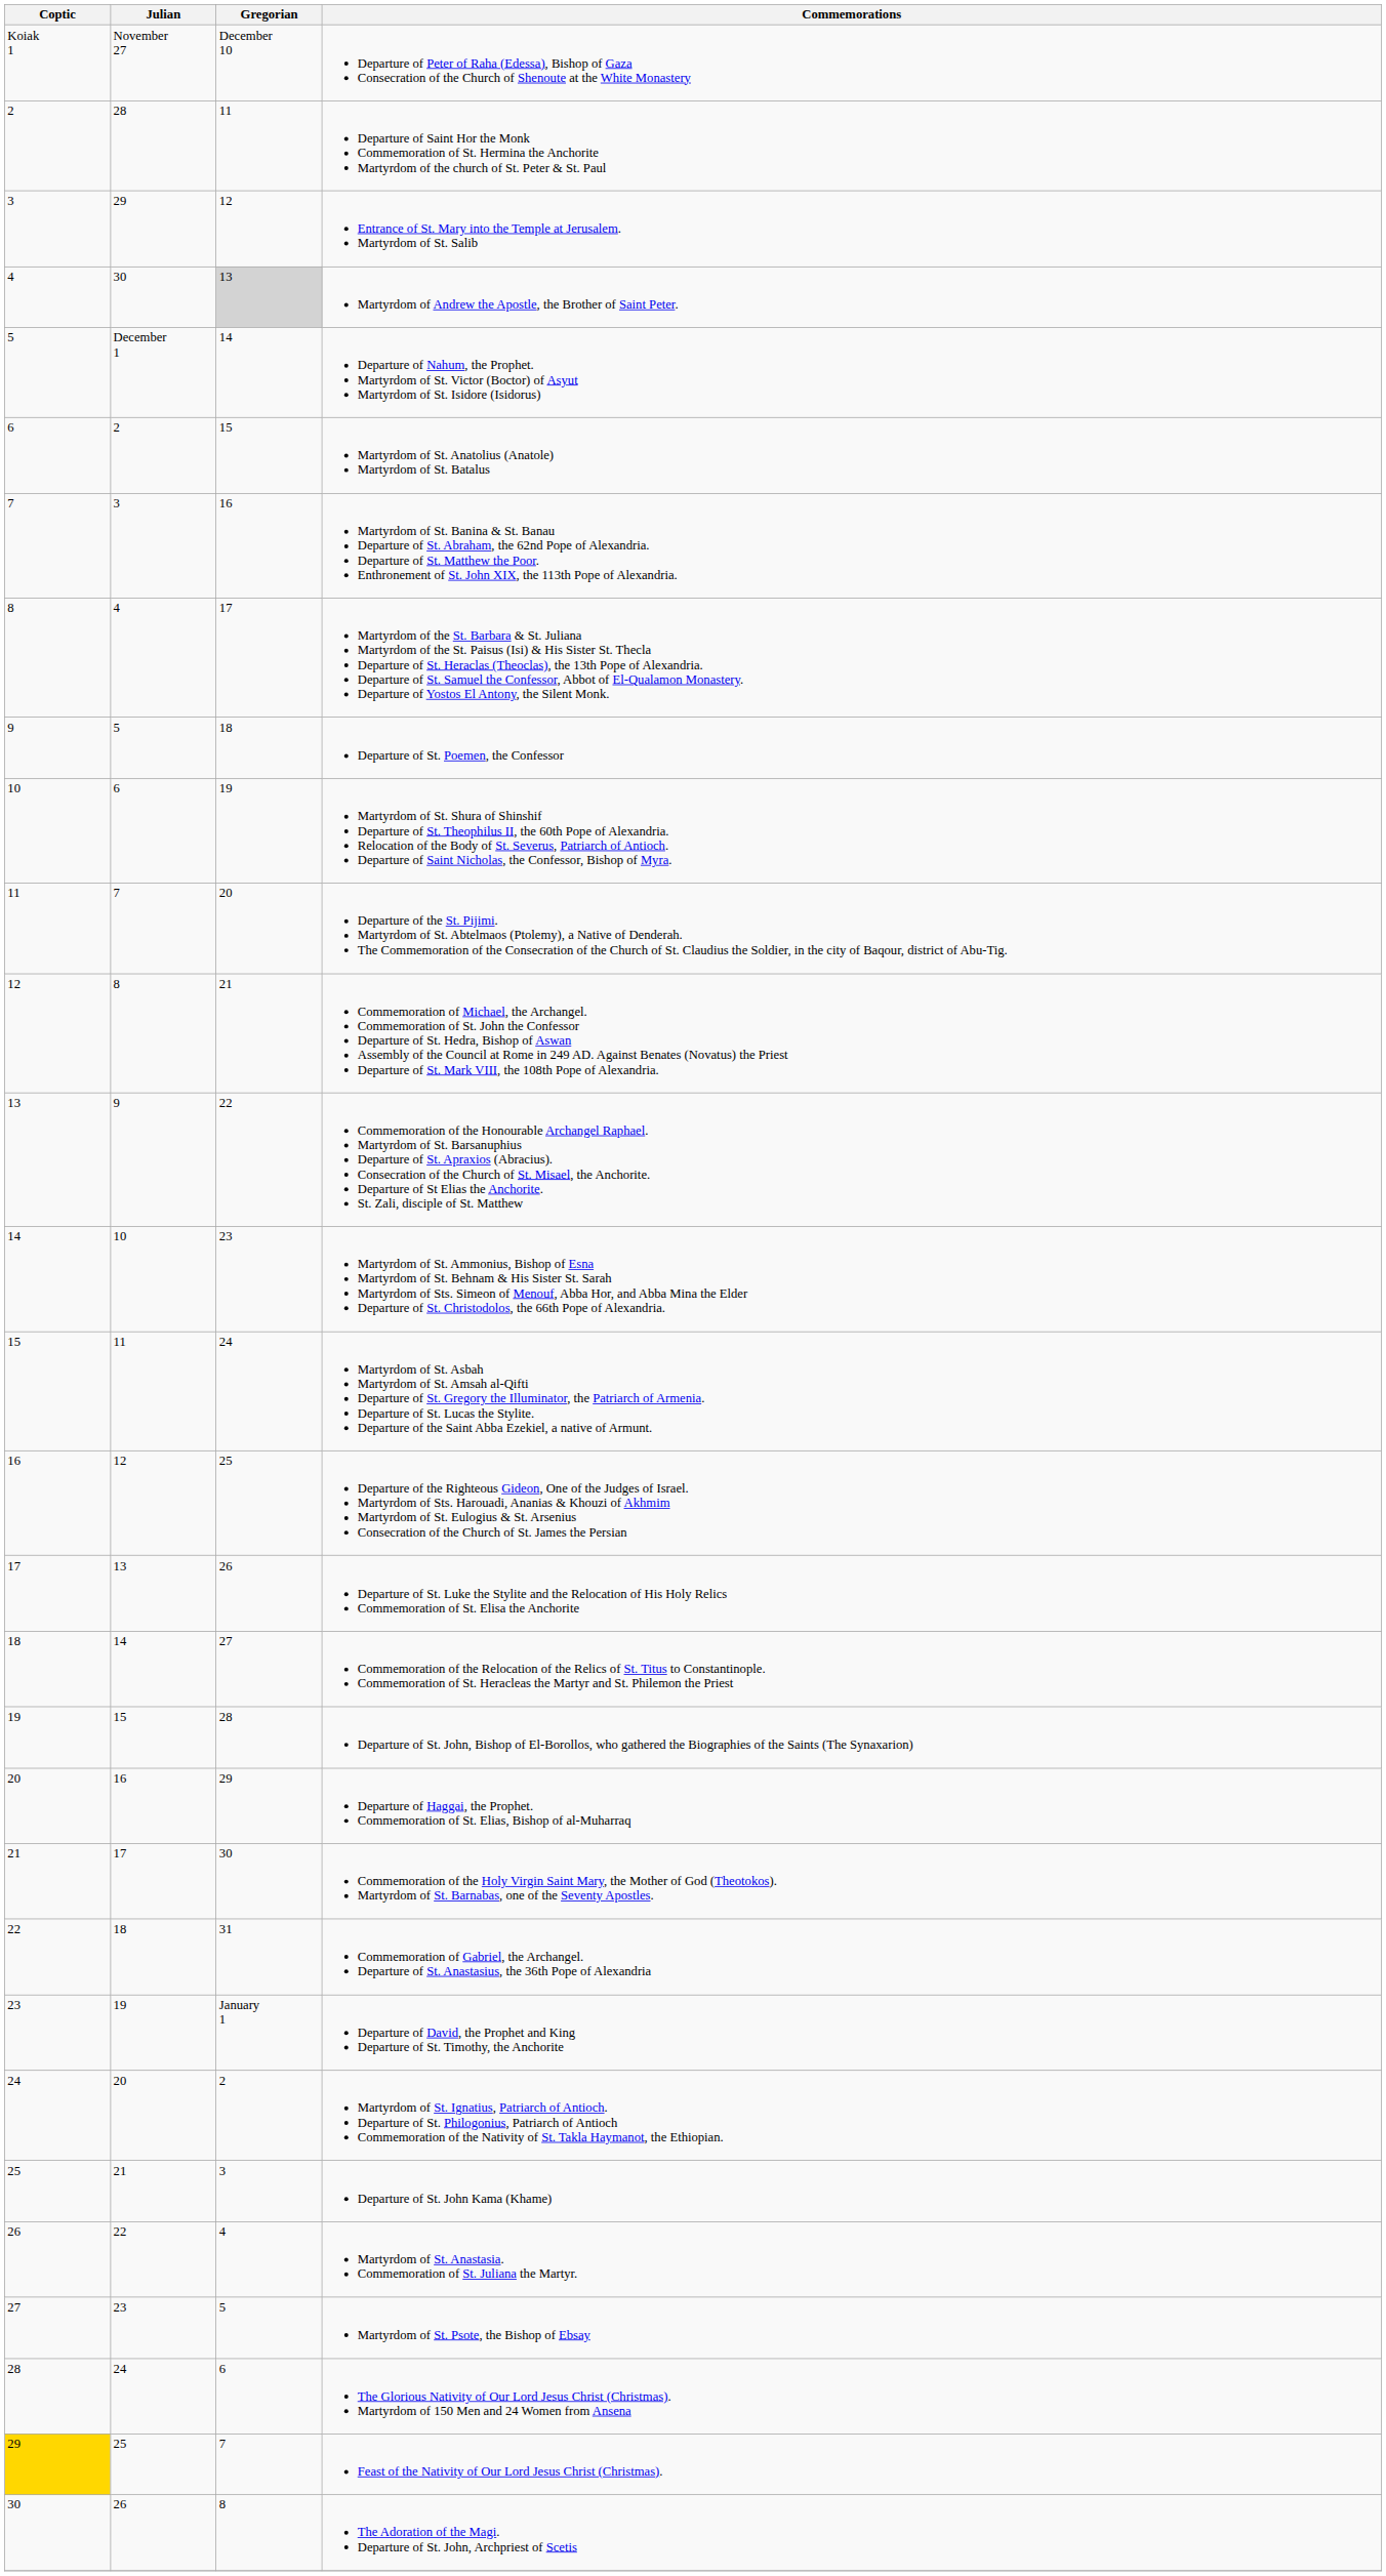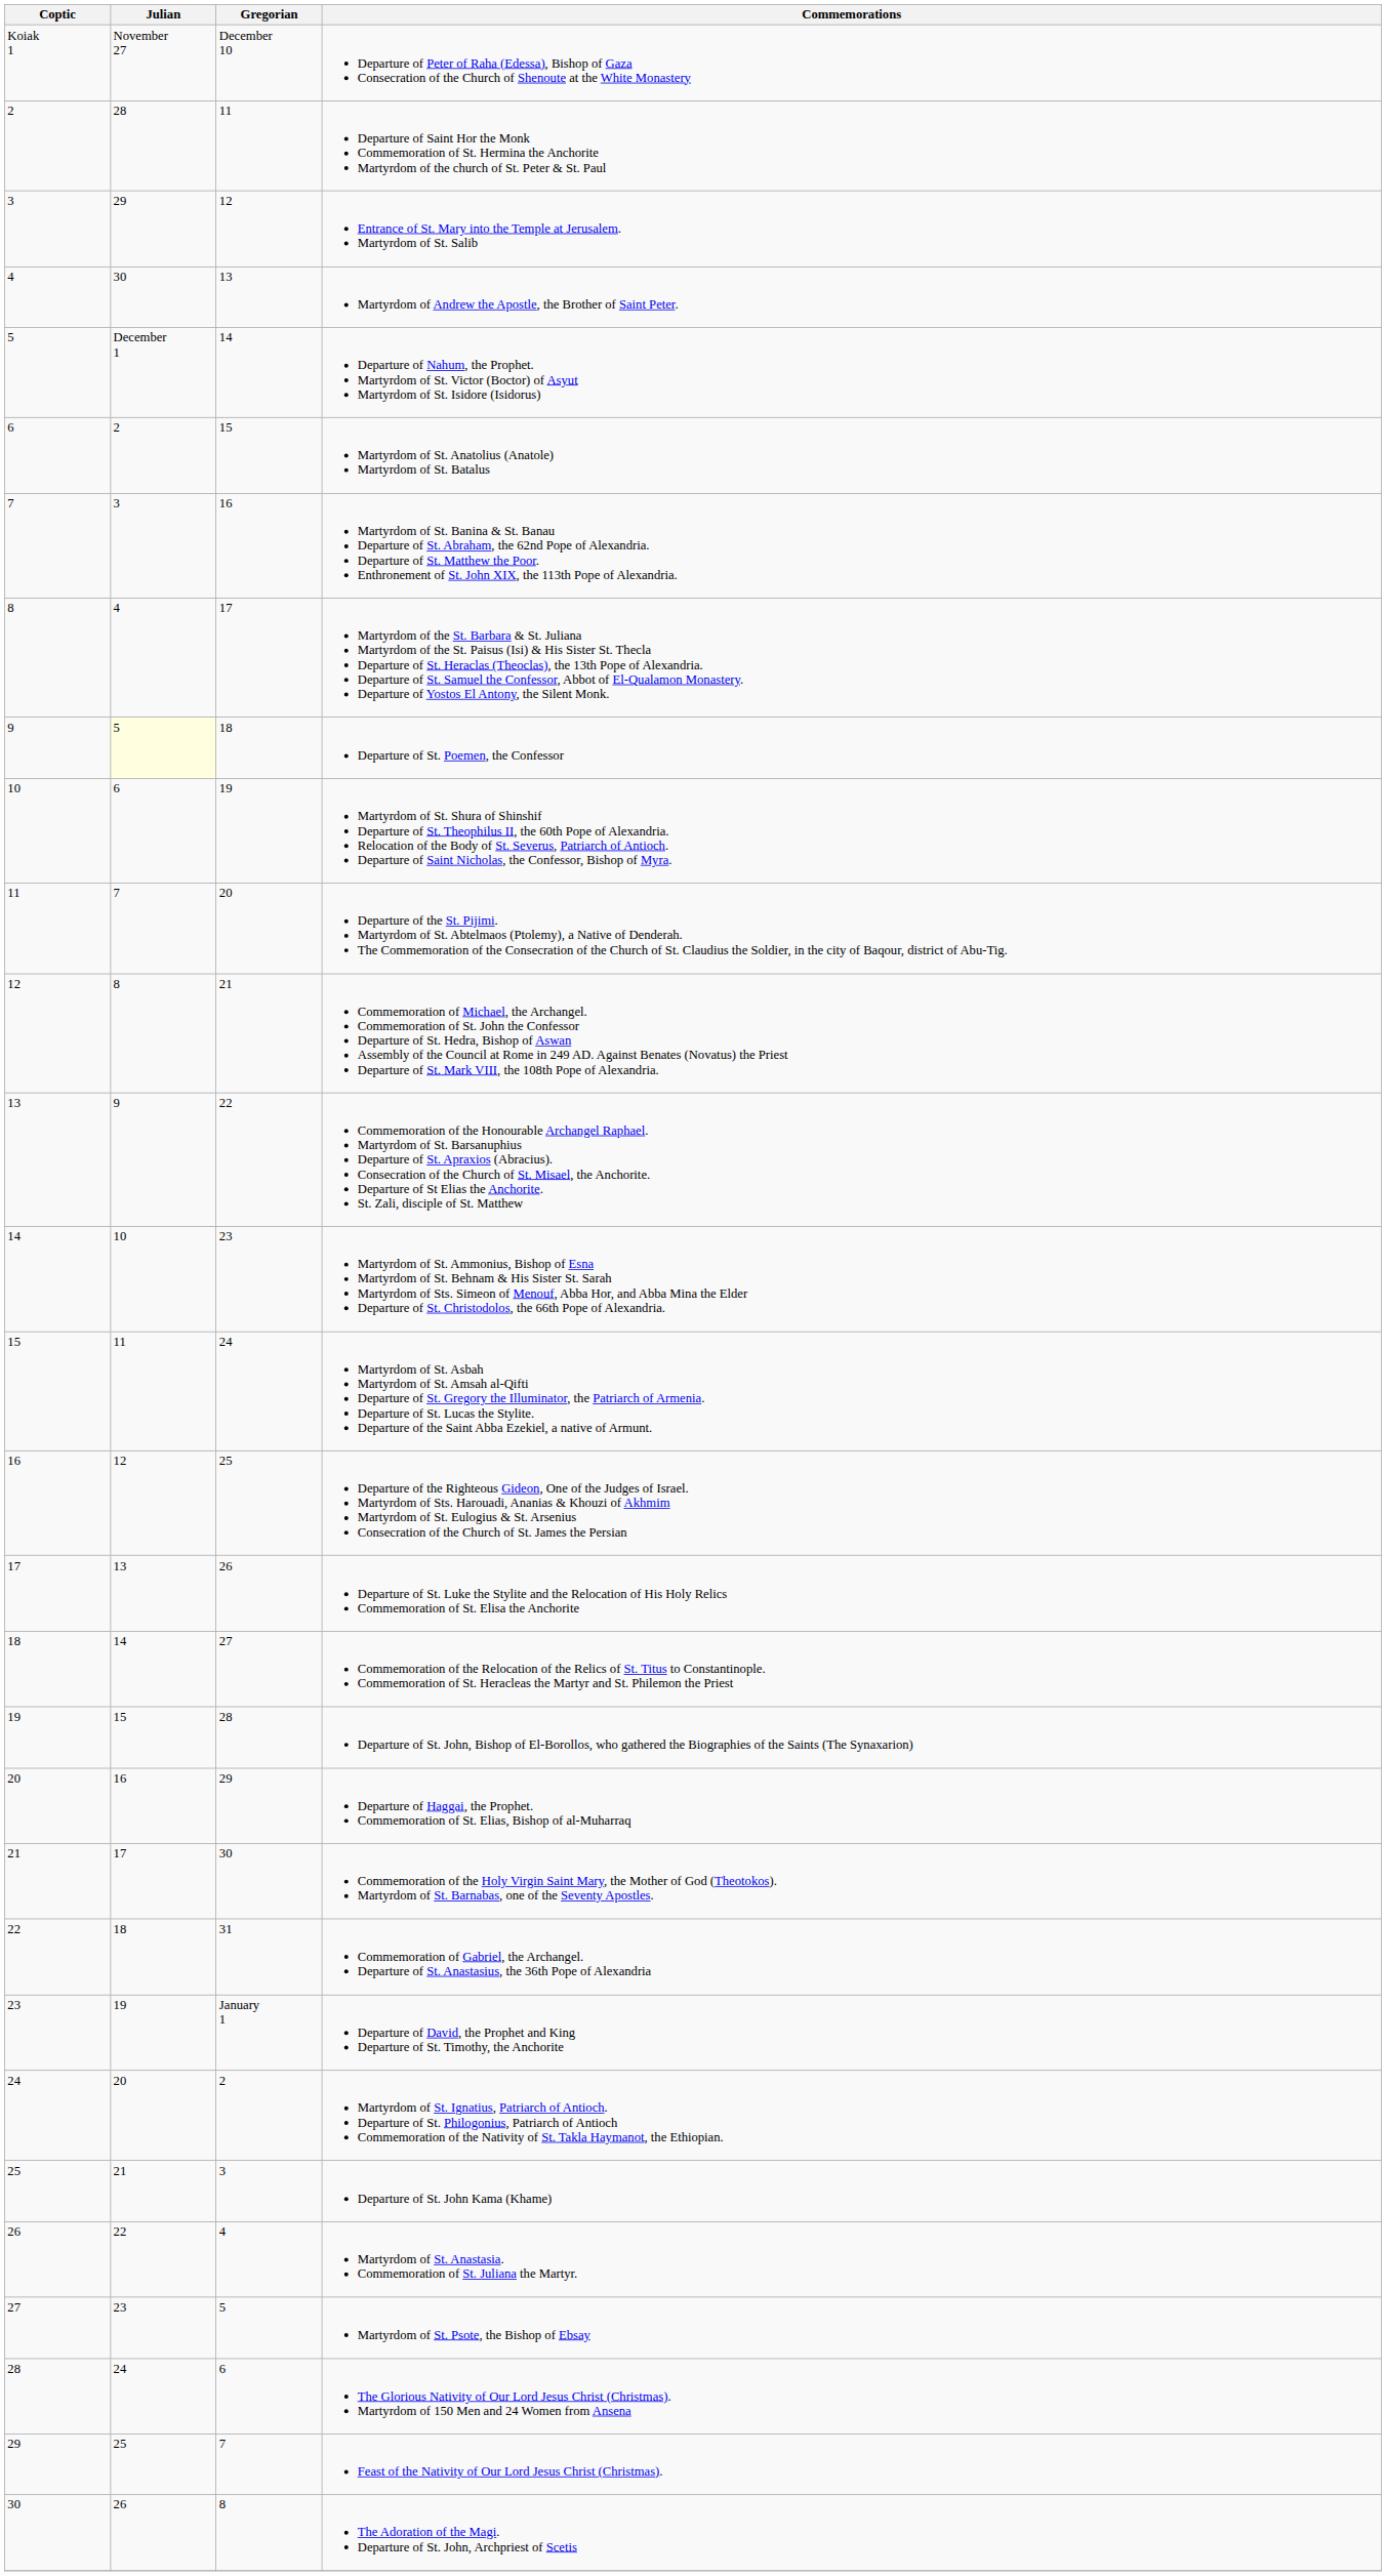 <table class="wikitable">
 <tr>
 <th style="width:5%;">Coptic</th>
 <th style="width:5%;">Julian</th>
 <th style="width:5%;">Gregorian</th>
 <th style="width:50%;">Commemorations</th>
 </tr>
 <tr valign="top">
 <td>Koiak<br>1</td>
 <td>November<br>27</td>
 <td>December<br>10</td>
 <td><br><ul><li>Departure of <a href='#'>Peter of Raha (Edessa)</a>, Bishop of <a href='#'>Gaza</a></li><li>Consecration of the Church of <a href='#'>Shenoute</a> at the <a href='#'>White Monastery</a></li></ul></td>
 </tr>
 <tr valign="top">
 <td>2</td>
 <td>28</td>
 <td>11</td>
 <td><br><ul><li>Departure of Saint Hor the Monk</li><li>Commemoration of St. Hermina the Anchorite</li><li>Martyrdom of the church of St. Peter & St. Paul</li></ul></td>
 </tr>
 <tr valign="top">
 <td>3</td>
 <td>29</td>
 <td>12</td>
 <td><br><ul><li><a href='#'>Entrance of St. Mary into the Temple at Jerusalem</a>.</li><li>Martyrdom of St. Salib</li></ul></td>
 </tr>
 <tr valign="top">
 <td>4</td>
 <td>30</td>
-<td style="background: lightgrey;">13</td>
+<td>13</td>
 <td><br><ul><li>Martyrdom of <a href='#'>Andrew the Apostle</a>, the Brother of <a href='#'>Saint Peter</a>.</li></ul></td>
 </tr>
 <tr valign="top">
 <td>5</td>
 <td>December<br>1</td>
 <td>14</td>
 <td><br><ul><li>Departure of <a href='#'>Nahum</a>, the Prophet.</li><li>Martyrdom of St. Victor (Boctor) of <a href='#'>Asyut</a></li><li>Martyrdom of St. Isidore (Isidorus)</li></ul></td>
 </tr>
 <tr valign="top">
 <td>6</td>
 <td>2</td>
 <td>15</td>
 <td><br><ul><li>Martyrdom of St. Anatolius (Anatole)</li><li>Martyrdom of St. Batalus</li></ul></td>
 </tr>
 <tr valign="top">
 <td>7</td>
 <td>3</td>
 <td>16</td>
 <td><br><ul><li>Martyrdom of St. Banina & St. Banau</li><li>Departure of <a href='#'>St. Abraham</a>, the 62nd Pope of Alexandria.</li><li>Departure of <a href='#'>St. Matthew the Poor</a>.</li><li>Enthronement of <a href='#'>St. John XIX</a>, the 113th Pope of Alexandria.</li></ul></td>
 </tr>
 <tr valign="top">
 <td>8</td>
 <td>4</td>
 <td>17</td>
 <td><br><ul><li>Martyrdom of the <a href='#'>St. Barbara</a> & St. Juliana</li><li>Martyrdom of the St. Paisus (Isi) & His Sister St. Thecla</li><li>Departure of <a href='#'>St. Heraclas (Theoclas)</a>, the 13th Pope of Alexandria.</li><li>Departure of <a href='#'>St. Samuel the Confessor</a>, Abbot of <a href='#'>El-Qualamon Monastery</a>.</li><li>Departure of <a href='#'>Yostos El Antony</a>, the Silent Monk.</li></ul></td>
 </tr>
 <tr valign="top">
 <td>9</td>
-<td>5</td>
+<td style="background: lightyellow;">5</td>
 <td>18</td>
 <td><br><ul><li>Departure of St. <a href='#'>Poemen</a>, the Confessor</li></ul></td>
 </tr>
 <tr valign="top">
 <td>10</td>
 <td>6</td>
 <td>19</td>
 <td><br><ul><li>Martyrdom of St. Shura of Shinshif</li><li>Departure of <a href='#'>St. Theophilus II</a>, the 60th Pope of Alexandria.</li><li>Relocation of the Body of <a href='#'>St. Severus</a>, <a href='#'>Patriarch of Antioch</a>.</li><li>Departure of <a href='#'>Saint Nicholas</a>, the Confessor, Bishop of <a href='#'>Myra</a>.</li></ul></td>
 </tr>
 <tr valign="top">
 <td>11</td>
 <td>7</td>
 <td>20</td>
 <td><br><ul><li>Departure of the <a href='#'>St. Pijimi</a>.</li><li>Martyrdom of St. Abtelmaos (Ptolemy), a Native of Denderah.</li><li>The Commemoration of the Consecration of the Church of St. Claudius the Soldier, in the city of Baqour, district of Abu-Tig.</li></ul></td>
 </tr>
 <tr valign="top">
 <td>12</td>
 <td>8</td>
 <td>21</td>
 <td><br><ul><li>Commemoration of <a href='#'>Michael</a>, the Archangel.</li><li>Commemoration of St. John the Confessor</li><li>Departure of St. Hedra, Bishop of <a href='#'>Aswan</a></li><li>Assembly of the Council at Rome in 249 AD. Against Benates (Novatus) the Priest</li><li>Departure of <a href='#'>St. Mark VIII</a>, the 108th Pope of Alexandria.</li></ul></td>
 </tr>
 <tr valign="top">
 <td>13</td>
 <td>9</td>
 <td>22</td>
 <td><br><ul><li>Commemoration of the Honourable <a href='#'>Archangel Raphael</a>.</li><li>Martyrdom of St. Barsanuphius</li><li>Departure of <a href='#'>St. Apraxios</a> (Abracius).</li><li>Consecration of the Church of <a href='#'>St. Misael</a>, the Anchorite.</li><li>Departure of St Elias the <a href='#'>Anchorite</a>.</li><li>St. Zali, disciple of St. Matthew</li></ul></td>
 </tr>
 <tr valign="top">
 <td>14</td>
 <td>10</td>
 <td>23</td>
 <td><br><ul><li>Martyrdom of St. Ammonius, Bishop of <a href='#'>Esna</a></li><li>Martyrdom of St. Behnam & His Sister St. Sarah</li><li>Martyrdom of Sts. Simeon of <a href='#'>Menouf</a>, Abba Hor, and Abba Mina the Elder</li><li>Departure of <a href='#'>St. Christodolos</a>, the 66th Pope of Alexandria.</li></ul></td>
 </tr>
 <tr valign="top">
 <td>15</td>
 <td>11</td>
 <td>24</td>
 <td><br><ul><li>Martyrdom of St. Asbah</li><li>Martyrdom of St. Amsah al-Qifti</li><li>Departure of <a href='#'>St. Gregory the Illuminator</a>, the <a href='#'>Patriarch of Armenia</a>.</li><li>Departure of St. Lucas the Stylite.</li><li>Departure of the Saint Abba Ezekiel, a native of Armunt.</li></ul></td>
 </tr>
 <tr valign="top">
 <td>16</td>
 <td>12</td>
 <td>25</td>
 <td><br><ul><li>Departure of the Righteous <a href='#'>Gideon</a>, One of the Judges of Israel.</li><li>Martyrdom of Sts. Harouadi, Ananias & Khouzi of <a href='#'>Akhmim</a></li><li>Martyrdom of St. Eulogius & St. Arsenius</li><li>Consecration of the Church of St. James the Persian</li></ul></td>
 </tr>
 <tr valign="top">
 <td>17</td>
 <td>13</td>
 <td>26</td>
 <td><br><ul><li>Departure of St. Luke the Stylite and the Relocation of His Holy Relics</li><li>Commemoration of St. Elisa the Anchorite</li></ul></td>
 </tr>
 <tr valign="top">
 <td>18</td>
 <td>14</td>
 <td>27</td>
 <td><br><ul><li>Commemoration of the Relocation of the Relics of <a href='#'>St. Titus</a> to Constantinople.</li><li>Commemoration of St. Heracleas the Martyr and St. Philemon the Priest</li></ul></td>
 </tr>
 <tr valign="top">
 <td>19</td>
 <td>15</td>
 <td>28</td>
 <td><br><ul><li>Departure of St. John, Bishop of El-Borollos, who gathered the Biographies of the Saints (The Synaxarion)</li></ul></td>
 </tr>
 <tr valign="top">
 <td>20</td>
 <td>16</td>
 <td>29</td>
 <td><br><ul><li>Departure of <a href='#'>Haggai</a>, the Prophet.</li><li>Commemoration of St. Elias, Bishop of al-Muharraq</li></ul></td>
 </tr>
 <tr valign="top">
 <td>21</td>
 <td>17</td>
 <td>30</td>
 <td><br><ul><li>Commemoration of the <a href='#'>Holy Virgin Saint Mary</a>, the Mother of God (<a href='#'>Theotokos</a>).</li><li>Martyrdom of <a href='#'>St. Barnabas</a>, one of the <a href='#'>Seventy Apostles</a>.</li></ul></td>
 </tr>
 <tr valign="top">
 <td>22</td>
 <td>18</td>
 <td>31</td>
 <td><br><ul><li>Commemoration of <a href='#'>Gabriel</a>, the Archangel.</li><li>Departure of <a href='#'>St. Anastasius</a>, the 36th Pope of Alexandria</li></ul></td>
 </tr>
 <tr valign="top">
 <td>23</td>
 <td>19</td>
 <td>January<br>1</td>
 <td><br><ul><li>Departure of <a href='#'>David</a>, the Prophet and King</li><li>Departure of St. Timothy, the Anchorite</li></ul></td>
 </tr>
 <tr valign="top">
 <td>24</td>
 <td>20</td>
 <td>2</td>
 <td><br><ul><li>Martyrdom of <a href='#'>St. Ignatius</a>, <a href='#'>Patriarch of Antioch</a>.</li><li>Departure of St. <a href='#'>Philogonius</a>, Patriarch of Antioch</li><li>Commemoration of the Nativity of <a href='#'>St. Takla Haymanot</a>, the Ethiopian.</li></ul></td>
 </tr>
 <tr valign="top">
 <td>25</td>
 <td>21</td>
 <td>3</td>
 <td><br><ul><li>Departure of St. John Kama (Khame)</li></ul></td>
 </tr>
 <tr valign="top">
 <td>26</td>
 <td>22</td>
 <td>4</td>
 <td><br><ul><li>Martyrdom of <a href='#'>St. Anastasia</a>.</li><li>Commemoration of <a href='#'>St. Juliana</a> the Martyr.</li></ul></td>
 </tr>
 <tr valign="top">
 <td>27</td>
 <td>23</td>
 <td>5</td>
 <td><br><ul><li>Martyrdom of <a href='#'>St. Psote</a>, the Bishop of <a href='#'>Ebsay</a></li></ul></td>
 </tr>
 <tr valign="top">
 <td>28</td>
 <td>24</td>
 <td>6</td>
 <td><br><ul><li><a href='#'>The Glorious Nativity of Our Lord Jesus Christ (Christmas)</a>.</li><li>Martyrdom of 150 Men and 24 Women from <a href='#'>Ansena</a></li></ul></td>
 </tr>
 <tr valign="top">
-<td style="background: gold;">29</td>
+<td>29</td>
 <td>25</td>
 <td>7</td>
 <td><br><ul><li><a href='#'>Feast of the Nativity of Our Lord Jesus Christ (Christmas)</a>.</li></ul></td>
 </tr>
 <tr valign="top">
 <td>30</td>
 <td>26</td>
 <td>8</td>
 <td><br><ul><li><a href='#'>The Adoration of the Magi</a>.</li><li>Departure of St. John, Archpriest of <a href='#'>Scetis</a></li></ul></td>
 </tr>
 <tr valign="top">
 </tr>
 </table>
